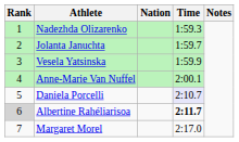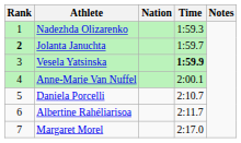 <table class="wikitable sortable" style="text-align:center">
 <tr>
 <th>Rank</th>
 <th>Athlete</th>
 <th>Nation</th>
 <th>Time</th>
 <th>Notes</th>
 </tr>
 <tr style="background:#bbf3bb;">
 <td>1</td>
 <td align=left><a href='#'>Nadezhda Olizarenko</a></td>
 <td align=left></td>
 <td>1:59.3</td>
 </tr>
 <tr style="background:#bbf3bb;">
-<td>2</td>
+<td><strong>2</strong></td>
 <td align=left><a href='#'>Jolanta Januchta</a></td>
 <td align=left></td>
 <td>1:59.7</td>
 </tr>
 <tr style="background:#bbf3bb;">
 <td>3</td>
 <td align=left><a href='#'>Vesela Yatsinska</a></td>
 <td align=left></td>
-<td>1:59.9</td>
+<td><strong>1:59.9</strong></td>
 </tr>
 <tr style="background:#bbf3bb;">
 <td>4</td>
 <td align=left><a href='#'>Anne-Marie Van Nuffel</a></td>
 <td align=left></td>
 <td>2:00.1</td>
 </tr>
 <tr>
 <td>5</td>
 <td align=left><a href='#'>Daniela Porcelli</a></td>
 <td align=left></td>
-<td style="background: lavender;">2:10.7</td>
+<td>2:10.7</td>
 </tr>
 <tr>
-<td style="background: lightgrey;">6</td>
+<td>6</td>
 <td align=left><a href='#'>Albertine Rahéliarisoa</a></td>
 <td align=left></td>
-<td><strong>2:11.7</strong></td>
+<td>2:11.7</td>
 </tr>
 <tr>
 <td>7</td>
 <td align=left><a href='#'>Margaret Morel</a></td>
 <td align=left></td>
 <td>2:17.0</td>
 </tr>
 </table>
